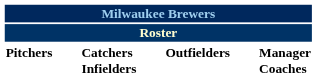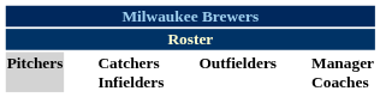 <table class="toccolours" style="font-size: 95%;">
 <tr>
 <th colspan="10" style="background-color: #00285D;color: #9ECEEE; text-align: center;">Milwaukee Brewers</th>
 </tr>
 <tr>
 <td colspan="10" style="background-color: #003366; color: #FFFDD0; text-align: center;"><strong>Roster</strong></td>
 </tr>
 <tr>
-<td valign="top"><strong>Pitchers</strong><br>                  </td>
+<td valign="top" style="background: lightgrey;"><strong>Pitchers</strong><br>                  </td>
 <td width="25px"></td>
 <td valign="top"><strong>Catchers</strong><br>  <strong>Infielders</strong>             </td>
 <td width="25px"></td>
 <td valign="top"><strong>Outfielders</strong><br>     </td>
 <td width="25px"></td>
 <td valign="top"><strong>Manager</strong><br> <strong>Coaches</strong>     </td>
 </tr>
 <tr>
 </tr>
 </table>
